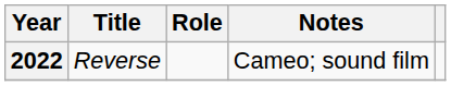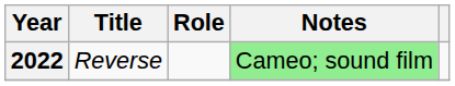 <table class="wikitable sortable plainrowheaders">
 <tr>
 <th scope="col">Year</th>
 <th scope="col">Title</th>
 <th scope="col">Role</th>
 <th scope="col" class="unsortable">Notes</th>
 <th scope="col" class="unsortable"></th>
 </tr>
 <tr>
 <th scope="row">2022</th>
 <td><em>Reverse</em></td>
 <td></td>
-<td>Cameo; sound film</td>
+<td style="background: lightgreen;">Cameo; sound film</td>
 <td></td>
 </tr>
 <tr>
 </tr>
 </table>
